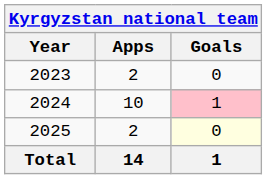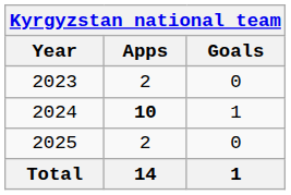 <table class="wikitable" style="text-align:center">
 <tr>
 <th colspan=4><a href='#'>Kyrgyzstan national team</a></th>
 </tr>
 <tr>
 <th>Year</th>
 <th>Apps</th>
 <th>Goals</th>
 </tr>
 <tr>
 <td>2023</td>
 <td>2</td>
 <td>0</td>
 </tr>
 <tr>
 <td>2024</td>
-<td>10</td>
-<td style="background: pink;">1</td>
+<td><strong>10</strong></td>
+<td>1</td>
 </tr>
 <tr>
 <td>2025</td>
 <td>2</td>
-<td style="background: lightyellow;">0</td>
+<td>0</td>
 </tr>
 <tr>
 <th>Total</th>
 <th>14</th>
 <th>1</th>
 </tr>
 </table>
